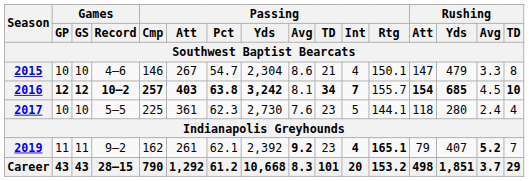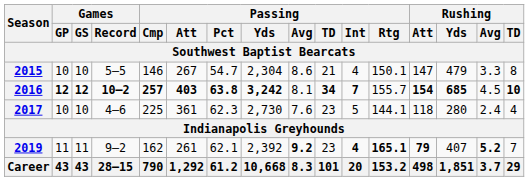 <table class="wikitable" style="text-align:center;">
 <tr>
 <th rowspan="2">Season</th>
 <th colspan="3">Games</th>
 <th colspan="8">Passing</th>
 <th colspan="5">Rushing</th>
 </tr>
 <tr>
 <th>GP</th>
 <th>GS</th>
 <th>Record</th>
 <th>Cmp</th>
 <th>Att</th>
 <th>Pct</th>
 <th>Yds</th>
 <th>Avg</th>
 <th>TD</th>
 <th>Int</th>
 <th>Rtg</th>
 <th>Att</th>
 <th>Yds</th>
 <th>Avg</th>
 <th>TD</th>
 </tr>
 <tr>
 <th colspan="16">Southwest Baptist Bearcats</th>
 </tr>
 <tr>
 <th><a href='#'>2015</a></th>
 <td>10</td>
 <td>10</td>
-<td>4–6</td>
+<td>5–5</td>
 <td>146</td>
 <td>267</td>
 <td>54.7</td>
 <td>2,304</td>
 <td>8.6</td>
 <td>21</td>
 <td>4</td>
 <td>150.1</td>
 <td>147</td>
 <td>479</td>
 <td>3.3</td>
 <td>8</td>
 </tr>
 <tr>
 <th><a href='#'>2016</a></th>
 <td><strong>12</strong></td>
 <td><strong>12</strong></td>
 <td><strong>10–2</strong></td>
 <td><strong>257</strong></td>
 <td><strong>403</strong></td>
 <td><strong>63.8</strong></td>
 <td><strong>3,242</strong></td>
 <td>8.1</td>
 <td><strong>34</strong></td>
 <td><strong>7</strong></td>
 <td>155.7</td>
 <td><strong>154</strong></td>
 <td><strong>685</strong></td>
 <td>4.5</td>
 <td><strong>10</strong></td>
 </tr>
 <tr>
 <th><a href='#'>2017</a></th>
 <td>10</td>
 <td>10</td>
-<td>5–5</td>
+<td>4–6</td>
 <td>225</td>
 <td>361</td>
 <td>62.3</td>
 <td>2,730</td>
 <td>7.6</td>
 <td>23</td>
 <td>5</td>
 <td>144.1</td>
 <td>118</td>
 <td>280</td>
 <td>2.4</td>
 <td>4</td>
 </tr>
 <tr>
 <th colspan="16">Indianapolis Greyhounds</th>
 </tr>
 <tr>
 <th><a href='#'>2019</a></th>
 <td>11</td>
 <td>11</td>
 <td>9–2</td>
 <td>162</td>
 <td>261</td>
 <td>62.1</td>
 <td>2,392</td>
 <td><strong>9.2</strong></td>
 <td>23</td>
 <td><strong>4</strong></td>
 <td><strong>165.1</strong></td>
-<td>79</td>
+<td><strong>79</strong></td>
 <td>407</td>
 <td><strong>5.2</strong></td>
 <td>7</td>
 </tr>
 <tr>
 <th>Career</th>
 <th>43</th>
 <th>43</th>
 <th>28–15</th>
 <th>790</th>
 <th>1,292</th>
 <th>61.2</th>
 <th>10,668</th>
 <th>8.3</th>
 <th>101</th>
 <th>20</th>
 <th>153.2</th>
 <th>498</th>
 <th>1,851</th>
 <th>3.7</th>
 <th>29</th>
 </tr>
 </table>
